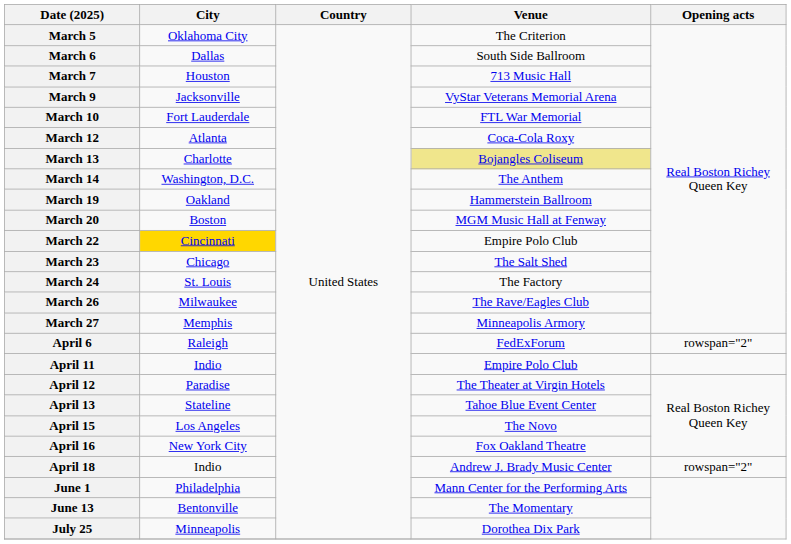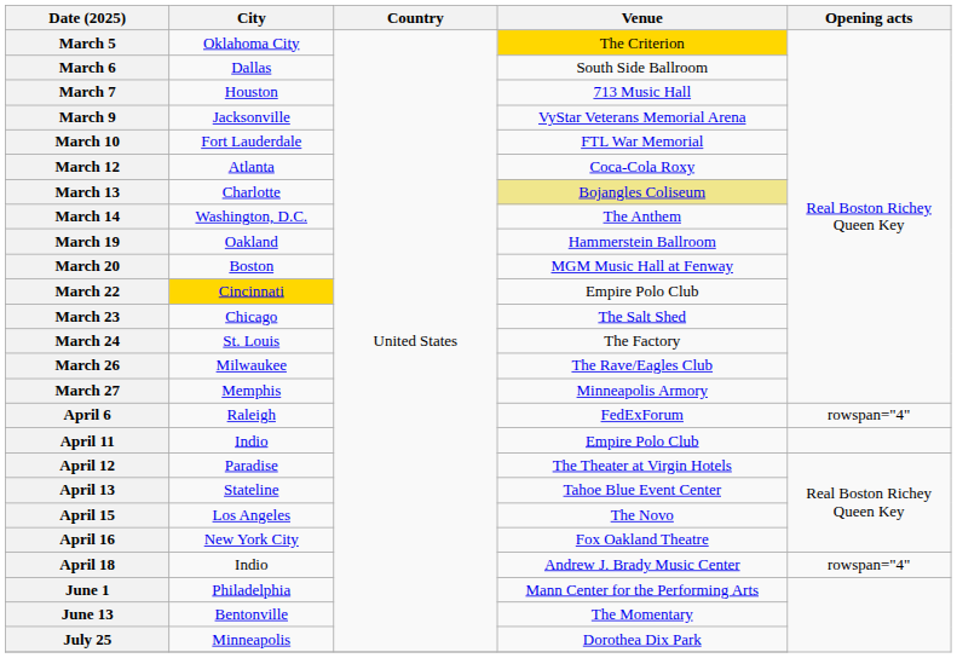 <table class="wikitable plainrowheaders" style="text-align:center;">
 <tr>
 <th scope="col" style="width:10em;">Date (2025)</th>
 <th scope="col" style="width:10em;">City</th>
 <th scope="col" style="width:10em;">Country</th>
 <th scope="col" style="width:18em;">Venue</th>
 <th scope="col" style="width:10em;">Opening acts</th>
 </tr>
 <tr>
 <th scope="row" style="text-align:center;">March 5</th>
 <td><a href='#'>Oklahoma City</a></td>
 <td rowspan="25">United States</td>
-<td>The Criterion</td>
+<td style="background: gold;">The Criterion</td>
 <td rowspan="15"><a href='#'>Real Boston Richey</a> <br> Queen Key</td>
 </tr>
 <tr>
 <th scope="row" style="text-align:center;">March 6</th>
 <td><a href='#'>Dallas</a></td>
 <td>South Side Ballroom</td>
 </tr>
 <tr>
 <th scope="row" style="text-align:center;">March 7</th>
 <td><a href='#'>Houston</a></td>
 <td><a href='#'>713 Music Hall</a></td>
 </tr>
 <tr>
 <th scope="row" style="text-align:center;">March 9</th>
 <td><a href='#'>Jacksonville</a></td>
 <td><a href='#'>VyStar Veterans Memorial Arena</a></td>
 </tr>
 <tr>
 <th scope="row" style="text-align:center;">March 10</th>
 <td><a href='#'>Fort Lauderdale</a></td>
 <td><a href='#'>FTL War Memorial</a></td>
 </tr>
 <tr>
 <th scope="row" style="text-align:center;">March 12</th>
 <td><a href='#'>Atlanta</a></td>
 <td><a href='#'>Coca-Cola Roxy</a></td>
 </tr>
 <tr>
 <th scope="row" style="text-align:center;">March 13</th>
 <td><a href='#'>Charlotte</a></td>
 <td style="background: khaki;"><a href='#'>Bojangles Coliseum</a></td>
 </tr>
 <tr>
 <th scope="row" style="text-align:center;">March 14</th>
 <td><a href='#'>Washington, D.C.</a></td>
 <td><a href='#'>The Anthem</a></td>
 </tr>
 <tr>
 <th scope="row" style="text-align:center;">March 19</th>
 <td><a href='#'>Oakland</a></td>
 <td><a href='#'>Hammerstein Ballroom</a></td>
 </tr>
 <tr>
 <th scope="row" style="text-align:center;">March 20</th>
 <td><a href='#'>Boston</a></td>
 <td><a href='#'>MGM Music Hall at Fenway</a></td>
 </tr>
 <tr>
 <th scope="row" style="text-align:center;">March 22</th>
 <td style="background: gold;"><a href='#'>Cincinnati</a></td>
 <td>Empire Polo Club</td>
 </tr>
 <tr>
 <th scope="row" style="text-align:center;">March 23</th>
 <td><a href='#'>Chicago</a></td>
 <td><a href='#'>The Salt Shed</a></td>
 </tr>
 <tr>
 <th scope="row" style="text-align:center;">March 24</th>
 <td><a href='#'>St. Louis</a></td>
 <td>The Factory</td>
 </tr>
 <tr>
 <th scope="row" style="text-align:center;">March 26</th>
 <td><a href='#'>Milwaukee</a></td>
 <td><a href='#'>The Rave/Eagles Club</a></td>
 </tr>
 <tr>
 <th scope="row" style="text-align:center;">March 27</th>
 <td><a href='#'>Memphis</a></td>
 <td><a href='#'>Minneapolis Armory</a></td>
 </tr>
 <tr>
 <th scope="row" style="text-align:center;">April 6</th>
 <td><a href='#'>Raleigh</a></td>
 <td><a href='#'>FedExForum</a></td>
-<td>rowspan="2" </td>
+<td>rowspan="4" </td>
 </tr>
 <tr>
 <th scope="row" style="text-align:center;">April 11</th>
 <td><a href='#'> Indio</a></td>
 <td><a href='#'>Empire Polo Club</a></td>
 </tr>
 <tr>
 <th scope="row" style="text-align:center;">April 12</th>
 <td><a href='#'>Paradise</a></td>
 <td><a href='#'>The Theater at Virgin Hotels</a></td>
 <td rowspan="4">Real Boston Richey <br> Queen Key</td>
 </tr>
 <tr>
 <th scope="row" style="text-align:center;">April 13</th>
 <td><a href='#'>Stateline</a></td>
 <td><a href='#'>Tahoe Blue Event Center</a></td>
 </tr>
 <tr>
 <th scope="row" style="text-align:center;">April 15</th>
 <td><a href='#'>Los Angeles</a></td>
 <td><a href='#'>The Novo</a></td>
 </tr>
 <tr>
 <th scope="row" style="text-align:center;">April 16</th>
 <td><a href='#'>New York City</a></td>
 <td><a href='#'>Fox Oakland Theatre</a></td>
 </tr>
 <tr>
 <th scope="row" style="text-align:center;">April 18</th>
 <td>Indio</td>
 <td><a href='#'>Andrew J. Brady Music Center</a></td>
-<td>rowspan="2" </td>
+<td>rowspan="4" </td>
 </tr>
 <tr>
 <th scope="row" style="text-align:center;">June 1</th>
 <td><a href='#'>Philadelphia</a></td>
 <td><a href='#'>Mann Center for the Performing Arts</a></td>
 </tr>
 <tr>
 <th scope="row" style="text-align:center;">June 13</th>
 <td><a href='#'>Bentonville</a></td>
 <td><a href='#'>The Momentary</a></td>
 </tr>
 <tr>
 <th scope="row" style="text-align:center;">July 25</th>
 <td><a href='#'>Minneapolis</a></td>
 <td><a href='#'>Dorothea Dix Park</a></td>
 </tr>
 <tr>
 </tr>
 </table>
